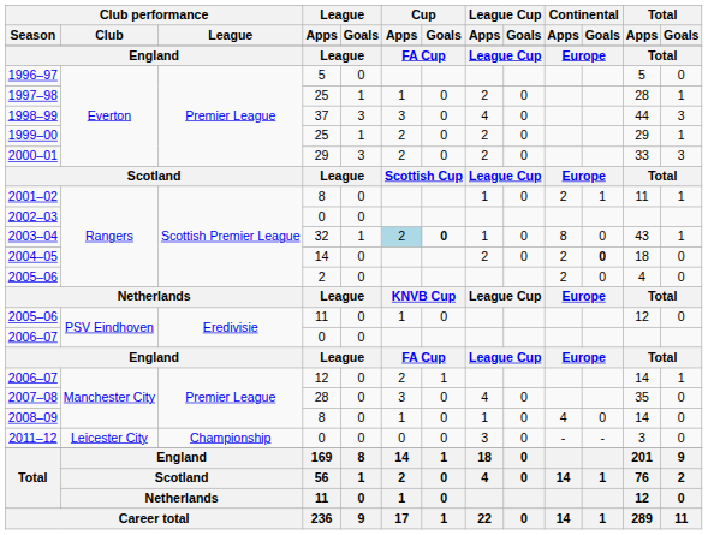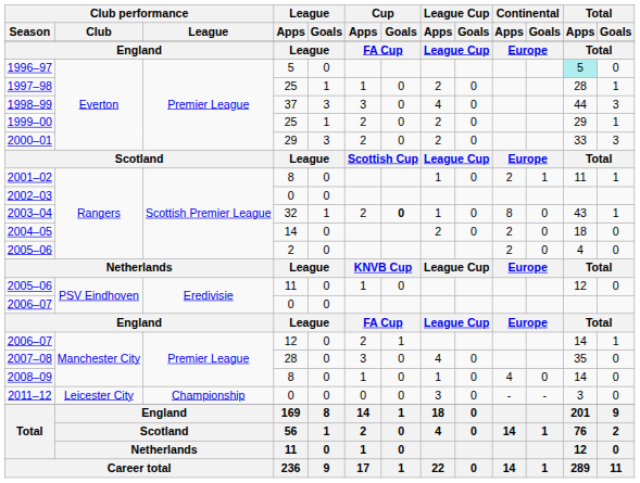 <table class="wikitable" style="text-align:center">
 <tr>
 <th colspan=3>Club performance</th>
 <th colspan=2>League</th>
 <th colspan=2>Cup</th>
 <th colspan=2>League Cup</th>
 <th colspan=2>Continental</th>
 <th colspan=2>Total</th>
 </tr>
 <tr>
 <th>Season</th>
 <th>Club</th>
 <th>League</th>
 <th>Apps</th>
 <th>Goals</th>
 <th>Apps</th>
 <th>Goals</th>
 <th>Apps</th>
 <th>Goals</th>
 <th>Apps</th>
 <th>Goals</th>
 <th>Apps</th>
 <th>Goals</th>
 </tr>
 <tr>
 </tr>
 <tr>
 <th colspan=3>England</th>
 <th colspan=2>League</th>
 <th colspan=2><a href='#'>FA Cup</a></th>
 <th colspan=2><a href='#'>League Cup</a></th>
 <th colspan=2><a href='#'>Europe</a></th>
 <th colspan=2>Total</th>
 </tr>
 <tr>
 <td><a href='#'>1996–97</a></td>
 <td rowspan="5"><a href='#'>Everton</a></td>
 <td rowspan="5"><a href='#'>Premier League</a></td>
 <td>5</td>
 <td>0</td>
 <td></td>
 <td></td>
 <td></td>
 <td></td>
 <td></td>
 <td></td>
-<td>5</td>
+<td style="background: paleturquoise;">5</td>
 <td>0</td>
 </tr>
 <tr>
 <td><a href='#'>1997–98</a></td>
 <td>25</td>
 <td>1</td>
 <td>1</td>
 <td>0</td>
 <td>2</td>
 <td>0</td>
 <td></td>
 <td></td>
 <td>28</td>
 <td>1</td>
 </tr>
 <tr>
 <td><a href='#'>1998–99</a></td>
 <td>37</td>
 <td>3</td>
 <td>3</td>
 <td>0</td>
 <td>4</td>
 <td>0</td>
 <td></td>
 <td></td>
 <td>44</td>
 <td>3</td>
 </tr>
 <tr>
 <td><a href='#'>1999–00</a></td>
 <td>25</td>
 <td>1</td>
 <td>2</td>
 <td>0</td>
 <td>2</td>
 <td>0</td>
 <td></td>
 <td></td>
 <td>29</td>
 <td>1</td>
 </tr>
 <tr>
 <td><a href='#'>2000–01</a></td>
 <td>29</td>
 <td>3</td>
 <td>2</td>
 <td>0</td>
 <td>2</td>
 <td>0</td>
 <td></td>
 <td></td>
 <td>33</td>
 <td>3</td>
 </tr>
 <tr>
 <th colspan=3>Scotland</th>
 <th colspan=2>League</th>
 <th colspan=2><a href='#'>Scottish Cup</a></th>
 <th colspan=2><a href='#'>League Cup</a></th>
 <th colspan=2><a href='#'>Europe</a></th>
 <th colspan=2>Total</th>
 </tr>
 <tr>
 <td><a href='#'>2001–02</a></td>
 <td rowspan="5"><a href='#'>Rangers</a></td>
 <td rowspan="5"><a href='#'>Scottish Premier League</a></td>
 <td>8</td>
 <td>0</td>
 <td></td>
 <td></td>
 <td>1</td>
 <td>0</td>
 <td>2</td>
 <td>1</td>
 <td>11</td>
 <td>1</td>
 </tr>
 <tr>
 <td><a href='#'>2002–03</a></td>
 <td>0</td>
 <td>0</td>
 <td></td>
 <td></td>
 <td></td>
 <td></td>
 <td></td>
 <td></td>
 <td></td>
 <td></td>
 </tr>
 <tr>
 <td><a href='#'>2003–04</a></td>
 <td>32</td>
 <td>1</td>
-<td style="background: lightblue;">2</td>
+<td>2</td>
 <td><strong>0</strong></td>
 <td>1</td>
 <td>0</td>
 <td>8</td>
 <td>0</td>
 <td>43</td>
 <td>1</td>
 </tr>
 <tr>
 <td><a href='#'>2004–05</a></td>
 <td>14</td>
 <td>0</td>
 <td></td>
 <td></td>
 <td>2</td>
 <td>0</td>
 <td>2</td>
-<td><strong>0</strong></td>
+<td>0</td>
 <td>18</td>
 <td>0</td>
 </tr>
 <tr>
 <td><a href='#'>2005–06</a></td>
 <td>2</td>
 <td>0</td>
 <td></td>
 <td></td>
 <td></td>
 <td></td>
 <td>2</td>
 <td>0</td>
 <td>4</td>
 <td>0</td>
 </tr>
 <tr>
 <th colspan=3>Netherlands</th>
 <th colspan=2>League</th>
 <th colspan=2><a href='#'>KNVB Cup</a></th>
 <th colspan=2>League Cup</th>
 <th colspan=2><a href='#'>Europe</a></th>
 <th colspan=2>Total</th>
 </tr>
 <tr>
 <td><a href='#'>2005–06</a></td>
 <td rowspan="2"><a href='#'>PSV Eindhoven</a></td>
 <td rowspan="2"><a href='#'>Eredivisie</a></td>
 <td>11</td>
 <td>0</td>
 <td>1</td>
 <td>0</td>
 <td></td>
 <td></td>
 <td></td>
 <td></td>
 <td>12</td>
 <td>0</td>
 </tr>
 <tr>
 <td><a href='#'>2006–07</a></td>
 <td>0</td>
 <td>0</td>
 <td></td>
 <td></td>
 <td></td>
 <td></td>
 <td></td>
 <td></td>
 <td></td>
 <td></td>
 </tr>
 <tr>
 <th colspan=3>England</th>
 <th colspan=2>League</th>
 <th colspan=2><a href='#'>FA Cup</a></th>
 <th colspan=2><a href='#'>League Cup</a></th>
 <th colspan=2><a href='#'>Europe</a></th>
 <th colspan=2>Total</th>
 </tr>
 <tr>
 <td><a href='#'>2006–07</a></td>
 <td rowspan="3"><a href='#'>Manchester City</a></td>
 <td rowspan="3"><a href='#'>Premier League</a></td>
 <td>12</td>
 <td>0</td>
 <td>2</td>
 <td>1</td>
 <td></td>
 <td></td>
 <td></td>
 <td></td>
 <td>14</td>
 <td>1</td>
 </tr>
 <tr>
 <td><a href='#'>2007–08</a></td>
 <td>28</td>
 <td>0</td>
 <td>3</td>
 <td>0</td>
 <td>4</td>
 <td>0</td>
 <td></td>
 <td></td>
 <td>35</td>
 <td>0</td>
 </tr>
 <tr>
 <td><a href='#'>2008–09</a></td>
 <td>8</td>
 <td>0</td>
 <td>1</td>
 <td>0</td>
 <td>1</td>
 <td>0</td>
 <td>4</td>
 <td>0</td>
 <td>14</td>
 <td>0</td>
 </tr>
 <tr>
 <td><a href='#'>2011–12</a></td>
 <td rowspan="1"><a href='#'>Leicester City</a></td>
 <td rowspan="1"><a href='#'>Championship</a></td>
 <td>0</td>
 <td>0</td>
 <td>0</td>
 <td>0</td>
 <td>3</td>
 <td>0</td>
 <td>-</td>
 <td>-</td>
 <td>3</td>
 <td>0</td>
 </tr>
 <tr>
 </tr>
 <tr>
 <th rowspan=3>Total</th>
 <th colspan=2>England</th>
 <th>169</th>
 <th>8</th>
 <th>14</th>
 <th>1</th>
 <th>18</th>
 <th>0</th>
 <th></th>
 <th></th>
 <th>201</th>
 <th>9</th>
 </tr>
 <tr>
 <th colspan=2>Scotland</th>
 <th>56</th>
 <th>1</th>
 <th>2</th>
 <th>0</th>
 <th>4</th>
 <th>0</th>
 <th>14</th>
 <th>1</th>
 <th>76</th>
 <th>2</th>
 </tr>
 <tr>
 <th colspan=2>Netherlands</th>
 <th>11</th>
 <th>0</th>
 <th>1</th>
 <th>0</th>
 <th></th>
 <th></th>
 <th></th>
 <th></th>
 <th>12</th>
 <th>0</th>
 </tr>
 <tr>
 <th colspan=3>Career total</th>
 <th>236</th>
 <th>9</th>
 <th>17</th>
 <th>1</th>
 <th>22</th>
 <th>0</th>
 <th>14</th>
 <th>1</th>
 <th>289</th>
 <th>11</th>
 </tr>
 </table>
